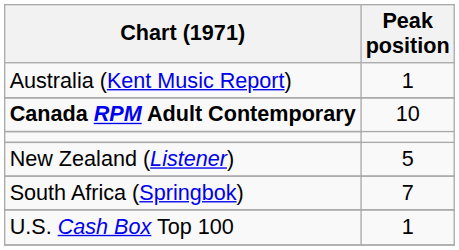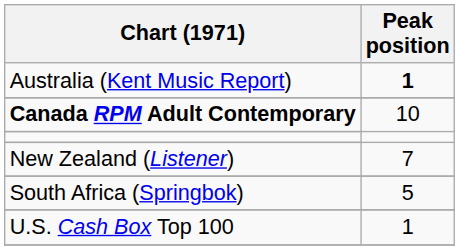 <table class="wikitable sortable">
 <tr>
 <th>Chart (1971)</th>
 <th>Peak<br>position</th>
 </tr>
 <tr>
 <td>Australia (<a href='#'>Kent Music Report</a>)</td>
-<td style="text-align:center;">1</td>
+<td style="text-align:center;"><strong>1</strong></td>
 </tr>
 <tr>
 </tr>
 <tr>
 </tr>
 <tr>
 </tr>
 <tr>
 </tr>
 <tr>
 <td><strong>Canada <em><a href='#'>RPM</a></em> Adult Contemporary</strong></td>
 <td style="text-align:center;">10</td>
 </tr>
 <tr>
 </tr>
 <tr>
 </tr>
 <tr>
 <td></td>
 </tr>
 <tr>
 </tr>
 <tr>
 <td>New Zealand (<em><a href='#'>Listener</a></em>)</td>
-<td style="text-align:center;">5</td>
+<td style="text-align:center;">7</td>
 </tr>
 <tr>
 </tr>
 <tr>
 <td>South Africa (<a href='#'>Springbok</a>)</td>
-<td align="center">7</td>
+<td align="center">5</td>
 </tr>
 <tr>
 </tr>
 <tr>
 </tr>
 <tr>
 </tr>
 <tr>
 <td>U.S. <a href='#'><em>Cash Box</em></a> Top 100</td>
 <td align="center">1</td>
 </tr>
 <tr>
 </tr>
 </table>
